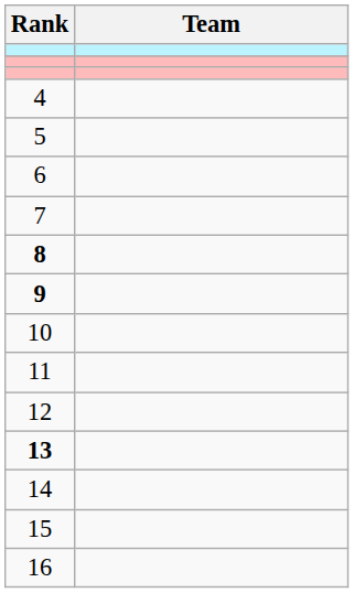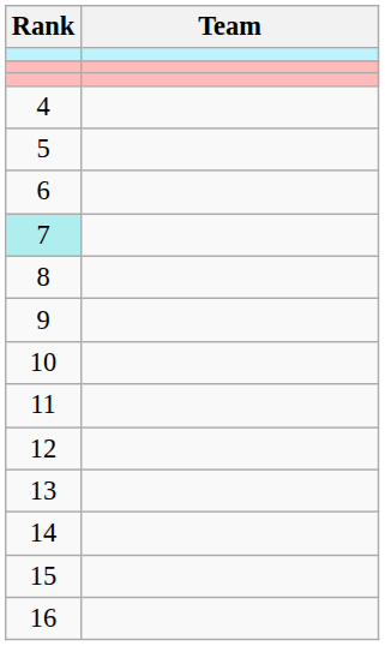 <table class="wikitable">
 <tr>
 <th>Rank</th>
 <th width=170>Team</th>
 </tr>
 <tr bgcolor=#BBF3FF>
 <td align=center></td>
 <td></td>
 </tr>
 <tr bgcolor=#FFBBBB>
 <td align=center></td>
 <td></td>
 </tr>
 <tr bgcolor=#FFBBBB>
 <td align=center></td>
 <td></td>
 </tr>
 <tr>
 <td align=center>4</td>
 <td></td>
 </tr>
 <tr>
 <td align=center>5</td>
 <td></td>
 </tr>
 <tr>
 <td align=center>6</td>
 <td></td>
 </tr>
 <tr>
-<td align=center>7</td>
+<td align=center style="background: paleturquoise;">7</td>
 <td></td>
 </tr>
 <tr>
-<td align=center><strong>8</strong></td>
+<td align=center>8</td>
 <td></td>
 </tr>
 <tr>
-<td align=center><strong>9</strong></td>
+<td align=center>9</td>
 <td></td>
 </tr>
 <tr>
 <td align=center>10</td>
 <td></td>
 </tr>
 <tr>
 <td align=center>11</td>
 <td></td>
 </tr>
 <tr>
 <td align=center>12</td>
 <td></td>
 </tr>
 <tr>
-<td align=center><strong>13</strong></td>
+<td align=center>13</td>
 <td></td>
 </tr>
 <tr>
 <td align=center>14</td>
 <td></td>
 </tr>
 <tr>
 <td align=center>15</td>
 <td></td>
 </tr>
 <tr>
 <td align=center>16</td>
 <td></td>
 </tr>
 </table>
